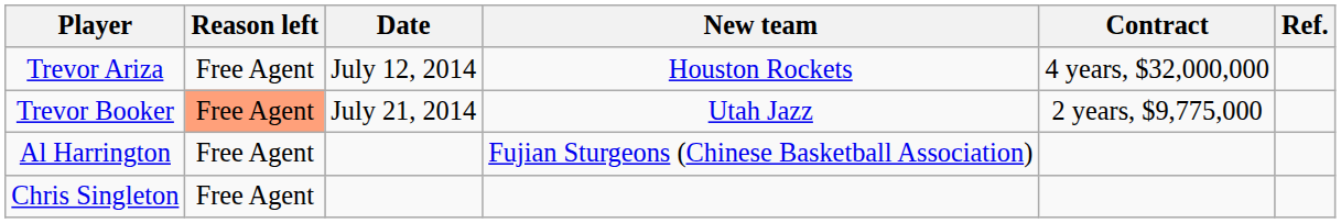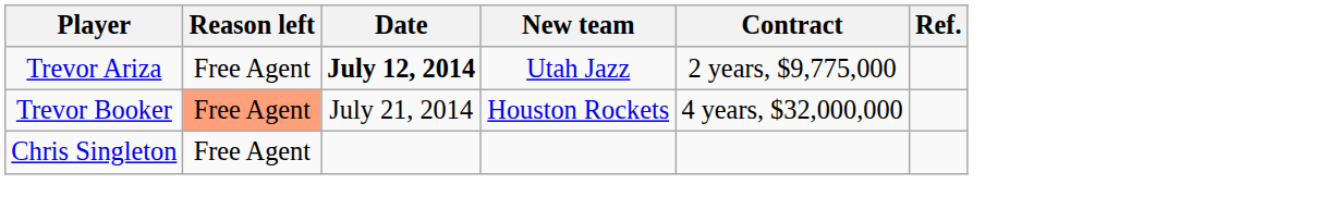 <table class="wikitable sortable sortable" style="text-align: center">
 <tr>
 <th>Player</th>
 <th>Reason left</th>
 <th>Date</th>
 <th>New team</th>
 <th>Contract</th>
 <th>Ref.</th>
 </tr>
 <tr>
 <td><a href='#'>Trevor Ariza</a></td>
 <td>Free Agent</td>
-<td>July 12, 2014</td>
-<td><a href='#'>Houston Rockets</a></td>
-<td>4 years, $32,000,000</td>
+<td><strong>July 12, 2014</strong></td>
+<td><a href='#'>Utah Jazz</a></td>
+<td>2 years, $9,775,000</td>
 <td></td>
 </tr>
 <tr>
 <td><a href='#'>Trevor Booker</a></td>
 <td style="background: lightsalmon;">Free Agent</td>
 <td>July 21, 2014</td>
-<td><a href='#'>Utah Jazz</a></td>
-<td>2 years, $9,775,000</td>
-<td></td>
-</tr>
-<tr>
-<td><a href='#'>Al Harrington</a></td>
-<td>Free Agent</td>
-<td></td>
-<td><a href='#'>Fujian Sturgeons</a> (<a href='#'>Chinese Basketball Association</a>)</td>
-<td></td>
+<td><a href='#'>Houston Rockets</a></td>
+<td>4 years, $32,000,000</td>
 <td></td>
 </tr>
 <tr>
 <td><a href='#'>Chris Singleton</a></td>
 <td>Free Agent</td>
 <td></td>
 <td></td>
 <td></td>
 <td></td>
 </tr>
 </table>
